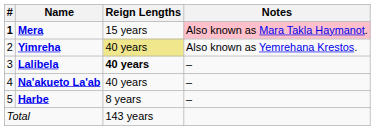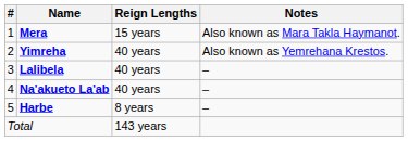 <table class="wikitable" border="1">
 <tr>
 <th>#</th>
 <th>Name</th>
 <th>Reign Lengths</th>
 <th>Notes</th>
 </tr>
 <tr>
-<td><strong>1</strong></td>
+<td>1</td>
 <td><a href='#'><strong>Mera</strong></a></td>
 <td>15 years</td>
-<td style="background: pink;">Also known as <a href='#'>Mara Takla Haymanot</a>.</td>
+<td>Also known as <a href='#'>Mara Takla Haymanot</a>.</td>
 </tr>
 <tr>
 <td>2</td>
 <td><a href='#'><strong>Yimreha</strong></a></td>
-<td style="background: khaki;">40 years</td>
+<td>40 years</td>
 <td>Also known as <a href='#'>Yemrehana Krestos</a>.</td>
 </tr>
 <tr>
 <td>3</td>
 <td><a href='#'><strong>Lalibela</strong></a></td>
-<td><strong>40 years</strong></td>
+<td>40 years</td>
 <td>–</td>
 </tr>
 <tr>
 <td>4</td>
 <td><strong><a href='#'>Na'akueto La'ab</a></strong></td>
 <td>40 years</td>
 <td>–</td>
 </tr>
 <tr>
 <td>5</td>
 <td><a href='#'><strong>Harbe</strong></a></td>
 <td>8 years</td>
 <td>–</td>
 </tr>
 <tr>
 <td colspan="2"><em>Total</em></td>
 <td>143 years</td>
 </tr>
 </table>
